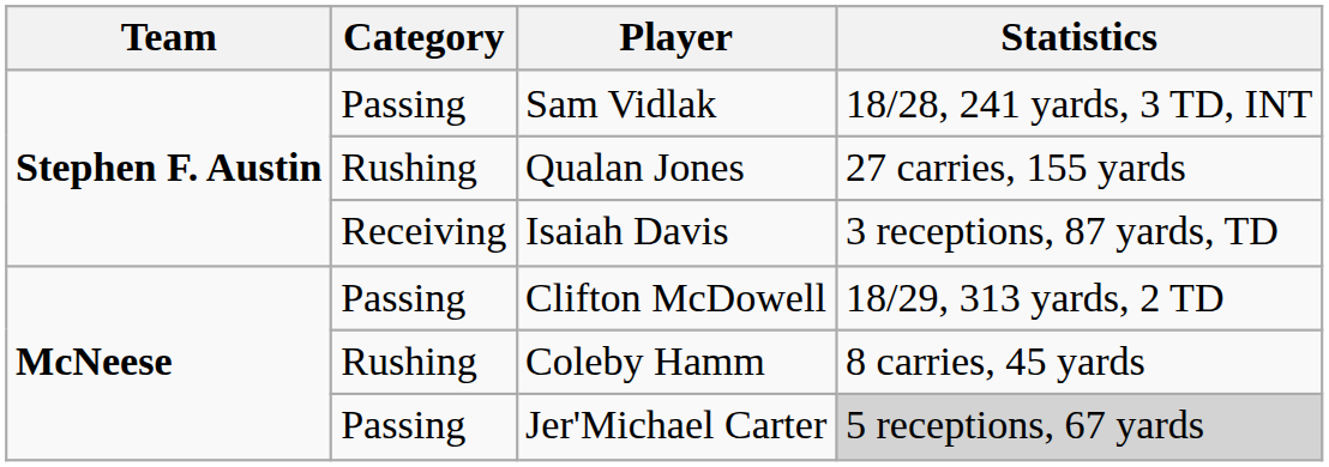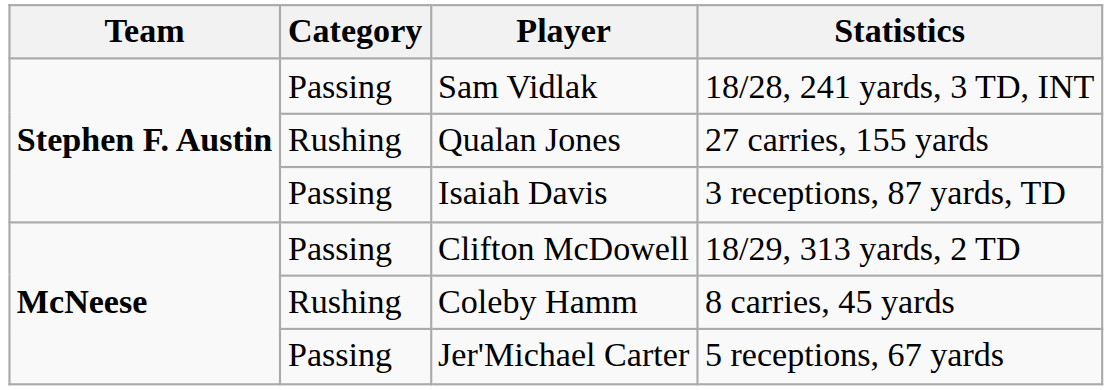 <table class="wikitable" style="float: right;">
 <tr>
 <th>Team</th>
 <th>Category</th>
 <th>Player</th>
 <th>Statistics</th>
 </tr>
 <tr>
 <td rowspan=3><strong>Stephen F. Austin</strong></td>
 <td>Passing</td>
 <td>Sam Vidlak</td>
 <td>18/28, 241 yards, 3 TD, INT</td>
 </tr>
 <tr>
 <td>Rushing</td>
 <td>Qualan Jones</td>
 <td>27 carries, 155 yards</td>
 </tr>
 <tr>
-<td>Receiving</td>
+<td>Passing</td>
 <td>Isaiah Davis</td>
 <td>3 receptions, 87 yards, TD</td>
 </tr>
 <tr>
 <td rowspan=3><strong>McNeese</strong></td>
 <td>Passing</td>
 <td>Clifton McDowell</td>
 <td>18/29, 313 yards, 2 TD</td>
 </tr>
 <tr>
 <td>Rushing</td>
 <td>Coleby Hamm</td>
 <td>8 carries, 45 yards</td>
 </tr>
 <tr>
 <td>Passing</td>
 <td>Jer'Michael Carter</td>
-<td style="background: lightgrey;">5 receptions, 67 yards</td>
+<td>5 receptions, 67 yards</td>
 </tr>
 </table>
